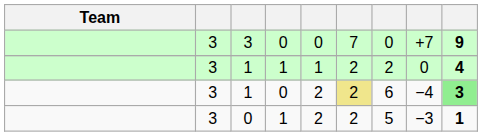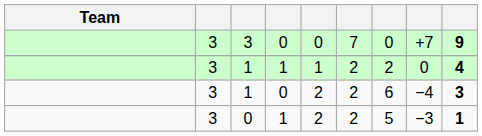 <table class="wikitable" style="text-align: center; font-size: 90%;">
 <tr>
 <th width="165">Team</th>
 <th width="25"></th>
 <th width="25"></th>
 <th width="25"></th>
 <th width="25"></th>
 <th width="25"></th>
 <th width="25"></th>
 <th width="25"></th>
 <th width="25"></th>
 </tr>
 <tr style="background:#ccffcc;">
 <td align=left></td>
 <td>3</td>
 <td>3</td>
 <td>0</td>
 <td>0</td>
 <td>7</td>
 <td>0</td>
 <td>+7</td>
 <td><strong>9</strong></td>
 </tr>
 <tr>
 </tr>
 <tr style="background:#ccffcc;">
 <td align=left></td>
 <td>3</td>
 <td>1</td>
 <td>1</td>
 <td>1</td>
 <td>2</td>
 <td>2</td>
 <td>0</td>
 <td><strong>4</strong></td>
 </tr>
 <tr>
 <td align=left></td>
 <td>3</td>
 <td>1</td>
 <td>0</td>
 <td>2</td>
-<td style="background: khaki;">2</td>
+<td>2</td>
 <td>6</td>
 <td>−4</td>
-<td style="background: lightgreen;"><strong>3</strong></td>
+<td><strong>3</strong></td>
 </tr>
 <tr>
 <td align=left></td>
 <td>3</td>
 <td>0</td>
 <td>1</td>
 <td>2</td>
 <td>2</td>
 <td>5</td>
 <td>−3</td>
 <td><strong>1</strong></td>
 </tr>
 </table>
